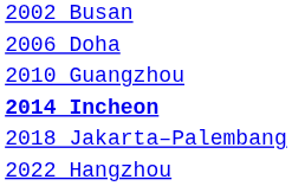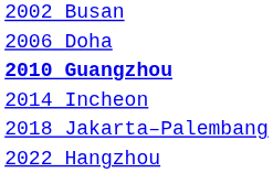 <table>
 <tr>
 <td><a href='#'>2002 Busan</a></td>
 <td></td>
 <td></td>
 <td></td>
 </tr>
 <tr>
 <td><a href='#'>2006 Doha</a></td>
 <td></td>
 <td></td>
 <td></td>
 </tr>
 <tr>
-<td><a href='#'>2010 Guangzhou</a></td>
+<td><strong><a href='#'>2010 Guangzhou</a></strong></td>
 <td></td>
 <td></td>
 <td></td>
 </tr>
 <tr>
-<td><strong><a href='#'>2014 Incheon</a></strong></td>
+<td><a href='#'>2014 Incheon</a></td>
 <td></td>
 <td></td>
 <td></td>
 </tr>
 <tr>
 <td><a href='#'>2018 Jakarta–Palembang</a></td>
 <td></td>
 <td></td>
 <td></td>
 </tr>
 <tr>
 <td><a href='#'>2022 Hangzhou</a></td>
 <td></td>
 <td></td>
 <td></td>
 </tr>
 </table>
